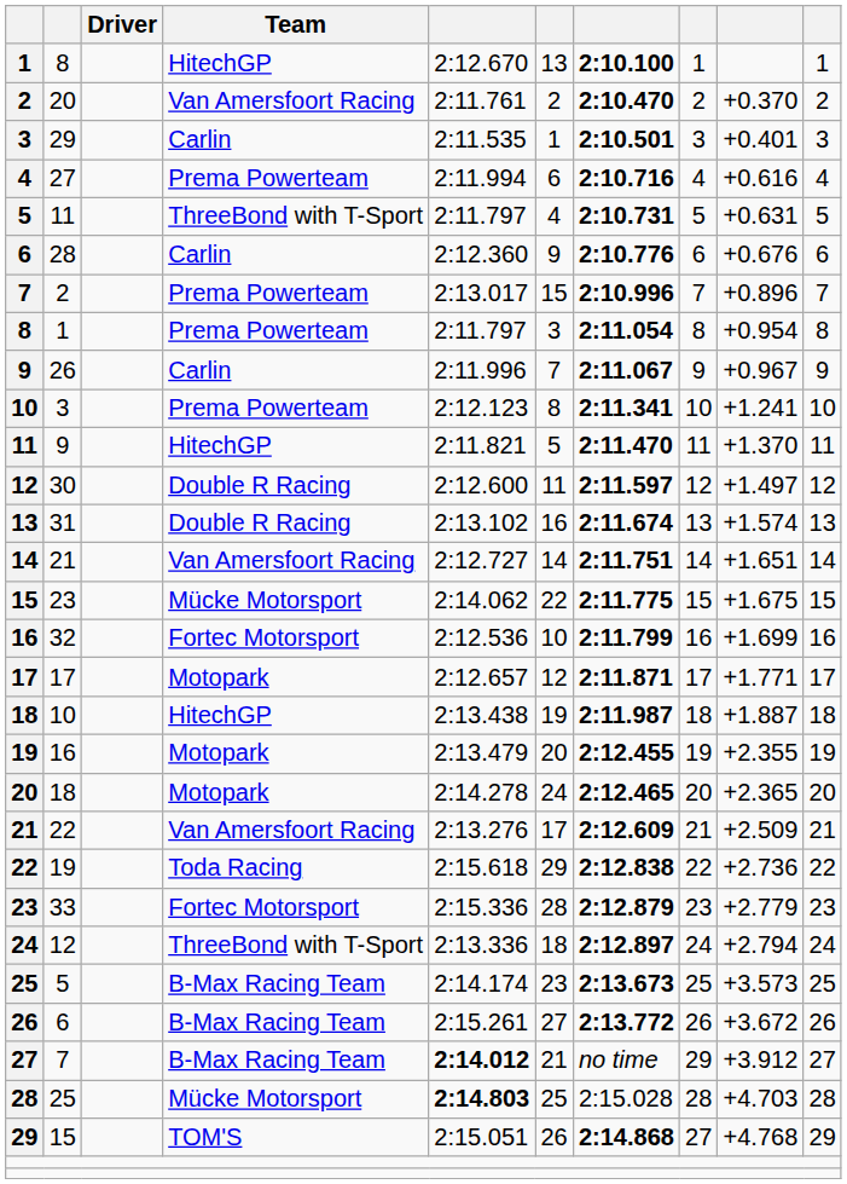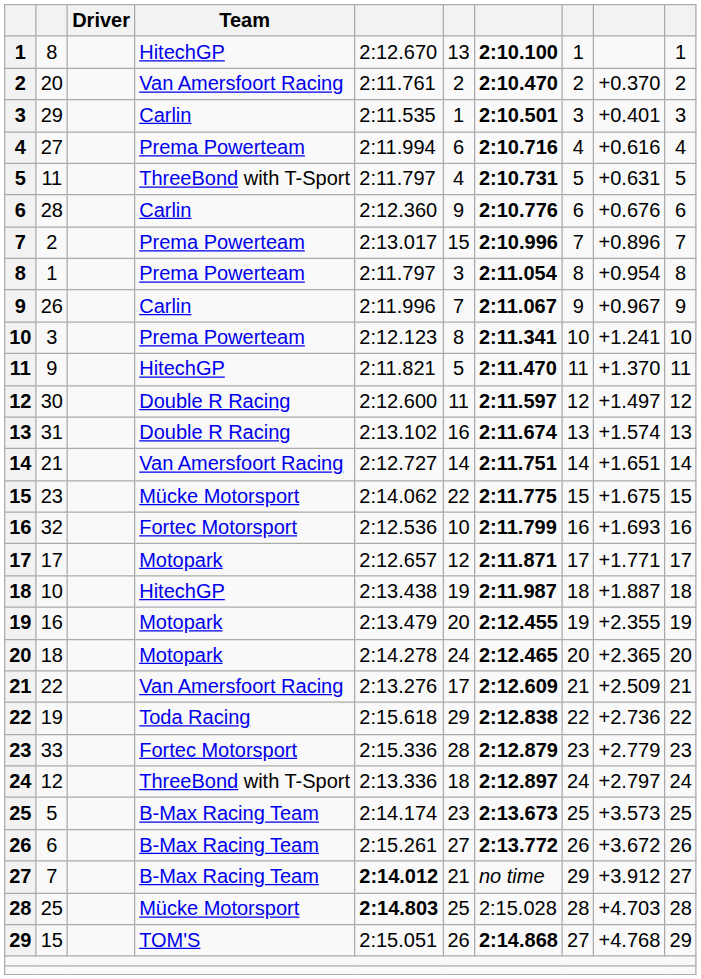 <table class="wikitable sortable">
 <tr>
 <th scope="col"></th>
 <th scope="col"></th>
 <th scope="col">Driver</th>
 <th scope="col">Team</th>
 <th scope="col"></th>
 <th scope="col"></th>
 <th scope="col"></th>
 <th scope="col"></th>
 <th scope="col"></th>
 <th scope="col"></th>
 </tr>
 <tr>
 <th scope="row">1</th>
 <td align=center>8</td>
 <td> </td>
 <td><a href='#'>HitechGP</a></td>
 <td>2:12.670</td>
 <td align=center>13</td>
 <td><strong>2:10.100</strong></td>
 <td align=center>1</td>
 <td></td>
 <td align=center>1</td>
 </tr>
 <tr>
 <th scope="row">2</th>
 <td align=center>20</td>
 <td> </td>
 <td><a href='#'>Van Amersfoort Racing</a></td>
 <td>2:11.761</td>
 <td align=center>2</td>
 <td><strong>2:10.470</strong></td>
 <td align=center>2</td>
 <td>+0.370</td>
 <td align=center>2</td>
 </tr>
 <tr>
 <th scope="row">3</th>
 <td align=center>29</td>
 <td> </td>
 <td><a href='#'>Carlin</a></td>
 <td>2:11.535</td>
 <td align=center>1</td>
 <td><strong>2:10.501</strong></td>
 <td align=center>3</td>
 <td>+0.401</td>
 <td align=center>3</td>
 </tr>
 <tr>
 <th scope="row">4</th>
 <td align=center>27</td>
 <td> </td>
 <td><a href='#'>Prema Powerteam</a></td>
 <td>2:11.994</td>
 <td align=center>6</td>
 <td><strong>2:10.716</strong></td>
 <td align=center>4</td>
 <td>+0.616</td>
 <td align=center>4</td>
 </tr>
 <tr>
 <th scope="row">5</th>
 <td align=center>11</td>
 <td> </td>
 <td><a href='#'>ThreeBond</a> with T-Sport</td>
 <td>2:11.797</td>
 <td align=center>4</td>
 <td><strong>2:10.731</strong></td>
 <td align=center>5</td>
 <td>+0.631</td>
 <td align=center>5</td>
 </tr>
 <tr>
 <th scope="row">6</th>
 <td align=center>28</td>
 <td> </td>
 <td><a href='#'>Carlin</a></td>
 <td>2:12.360</td>
 <td align=center>9</td>
 <td><strong>2:10.776</strong></td>
 <td align=center>6</td>
 <td>+0.676</td>
 <td align=center>6</td>
 </tr>
 <tr>
 <th scope="row">7</th>
 <td align=center>2</td>
 <td> </td>
 <td><a href='#'>Prema Powerteam</a></td>
 <td>2:13.017</td>
 <td align=center>15</td>
 <td><strong>2:10.996</strong></td>
 <td align=center>7</td>
 <td>+0.896</td>
 <td align=center>7</td>
 </tr>
 <tr>
 <th scope="row">8</th>
 <td align=center>1</td>
 <td> </td>
 <td><a href='#'>Prema Powerteam</a></td>
 <td>2:11.797</td>
 <td align=center>3</td>
 <td><strong>2:11.054</strong></td>
 <td align=center>8</td>
 <td>+0.954</td>
 <td align=center>8</td>
 </tr>
 <tr>
 <th scope="row">9</th>
 <td align=center>26</td>
 <td> </td>
 <td><a href='#'>Carlin</a></td>
 <td>2:11.996</td>
 <td align=center>7</td>
 <td><strong>2:11.067</strong></td>
 <td align=center>9</td>
 <td>+0.967</td>
 <td align=center>9</td>
 </tr>
 <tr>
 <th scope="row">10</th>
 <td align=center>3</td>
 <td> </td>
 <td><a href='#'>Prema Powerteam</a></td>
 <td>2:12.123</td>
 <td align=center>8</td>
 <td><strong>2:11.341</strong></td>
 <td align=center>10</td>
 <td>+1.241</td>
 <td align=center>10</td>
 </tr>
 <tr>
 <th scope="row">11</th>
 <td align=center>9</td>
 <td> </td>
 <td><a href='#'>HitechGP</a></td>
 <td>2:11.821</td>
 <td align=center>5</td>
 <td><strong>2:11.470</strong></td>
 <td align=center>11</td>
 <td>+1.370</td>
 <td align=center>11</td>
 </tr>
 <tr>
 <th scope="row">12</th>
 <td align=center>30</td>
 <td> </td>
 <td><a href='#'>Double R Racing</a></td>
 <td>2:12.600</td>
 <td align=center>11</td>
 <td><strong>2:11.597</strong></td>
 <td align=center>12</td>
 <td>+1.497</td>
 <td align=center>12</td>
 </tr>
 <tr>
 <th scope="row">13</th>
 <td align=center>31</td>
 <td> </td>
 <td><a href='#'>Double R Racing</a></td>
 <td>2:13.102</td>
 <td align=center>16</td>
 <td><strong>2:11.674</strong></td>
 <td align=center>13</td>
 <td>+1.574</td>
 <td align=center>13</td>
 </tr>
 <tr>
 <th scope="row">14</th>
 <td align=center>21</td>
 <td> </td>
 <td><a href='#'>Van Amersfoort Racing</a></td>
 <td>2:12.727</td>
 <td align=center>14</td>
 <td><strong>2:11.751</strong></td>
 <td align=center>14</td>
 <td>+1.651</td>
 <td align=center>14</td>
 </tr>
 <tr>
 <th scope="row">15</th>
 <td align=center>23</td>
 <td> </td>
 <td><a href='#'>Mücke Motorsport</a></td>
 <td>2:14.062</td>
 <td align=center>22</td>
 <td><strong>2:11.775</strong></td>
 <td align=center>15</td>
 <td>+1.675</td>
 <td align=center>15</td>
 </tr>
 <tr>
 <th scope="row">16</th>
 <td align=center>32</td>
 <td> </td>
 <td><a href='#'>Fortec Motorsport</a></td>
 <td>2:12.536</td>
 <td align=center>10</td>
 <td><strong>2:11.799</strong></td>
 <td align=center>16</td>
-<td>+1.699</td>
+<td>+1.693</td>
 <td align=center>16</td>
 </tr>
 <tr>
 <th scope="row">17</th>
 <td align=center>17</td>
 <td> </td>
 <td><a href='#'>Motopark</a></td>
 <td>2:12.657</td>
 <td align=center>12</td>
 <td><strong>2:11.871</strong></td>
 <td align=center>17</td>
 <td>+1.771</td>
 <td align=center>17</td>
 </tr>
 <tr>
 <th scope="row">18</th>
 <td align=center>10</td>
 <td> </td>
 <td><a href='#'>HitechGP</a></td>
 <td>2:13.438</td>
 <td align=center>19</td>
 <td><strong>2:11.987</strong></td>
 <td align=center>18</td>
 <td>+1.887</td>
 <td align=center>18</td>
 </tr>
 <tr>
 <th scope="row">19</th>
 <td align=center>16</td>
 <td> </td>
 <td><a href='#'>Motopark</a></td>
 <td>2:13.479</td>
 <td align=center>20</td>
 <td><strong>2:12.455</strong></td>
 <td align=center>19</td>
 <td>+2.355</td>
 <td align=center>19</td>
 </tr>
 <tr>
 <th scope="row">20</th>
 <td align=center>18</td>
 <td> </td>
 <td><a href='#'>Motopark</a></td>
 <td>2:14.278</td>
 <td align=center>24</td>
 <td><strong>2:12.465</strong></td>
 <td align=center>20</td>
 <td>+2.365</td>
 <td align=center>20</td>
 </tr>
 <tr>
 <th scope="row">21</th>
 <td align=center>22</td>
 <td> </td>
 <td><a href='#'>Van Amersfoort Racing</a></td>
 <td>2:13.276</td>
 <td align=center>17</td>
 <td><strong>2:12.609</strong></td>
 <td align=center>21</td>
 <td>+2.509</td>
 <td align=center>21</td>
 </tr>
 <tr>
 <th scope="row">22</th>
 <td align=center>19</td>
 <td> </td>
 <td><a href='#'>Toda Racing</a></td>
 <td>2:15.618</td>
 <td align=center>29</td>
 <td><strong>2:12.838</strong></td>
 <td align=center>22</td>
 <td>+2.736</td>
 <td align=center>22</td>
 </tr>
 <tr>
 <th scope="row">23</th>
 <td align=center>33</td>
 <td> </td>
 <td><a href='#'>Fortec Motorsport</a></td>
 <td>2:15.336</td>
 <td align=center>28</td>
 <td><strong>2:12.879</strong></td>
 <td align=center>23</td>
 <td>+2.779</td>
 <td align=center>23</td>
 </tr>
 <tr>
 <th scope="row">24</th>
 <td align=center>12</td>
 <td> </td>
 <td><a href='#'>ThreeBond</a> with T-Sport</td>
 <td>2:13.336</td>
 <td align=center>18</td>
 <td><strong>2:12.897</strong></td>
 <td align=center>24</td>
-<td>+2.794</td>
+<td>+2.797</td>
 <td align=center>24</td>
 </tr>
 <tr>
 <th scope="row">25</th>
 <td align=center>5</td>
 <td> </td>
 <td><a href='#'>B-Max Racing Team</a></td>
 <td>2:14.174</td>
 <td align=center>23</td>
 <td><strong>2:13.673</strong></td>
 <td align=center>25</td>
 <td>+3.573</td>
 <td align=center>25</td>
 </tr>
 <tr>
 <th scope="row">26</th>
 <td align=center>6</td>
 <td> </td>
 <td><a href='#'>B-Max Racing Team</a></td>
 <td>2:15.261</td>
 <td align=center>27</td>
 <td><strong>2:13.772</strong></td>
 <td align=center>26</td>
 <td>+3.672</td>
 <td align=center>26</td>
 </tr>
 <tr>
 <th scope="row">27</th>
 <td align=center>7</td>
 <td> </td>
 <td><a href='#'>B-Max Racing Team</a></td>
 <td><strong>2:14.012</strong></td>
 <td align=center>21</td>
 <td><em>no time</em></td>
 <td align=center>29</td>
 <td>+3.912</td>
 <td align=center>27</td>
 </tr>
 <tr>
 <th scope="row">28</th>
 <td align=center>25</td>
 <td> </td>
 <td><a href='#'>Mücke Motorsport</a></td>
 <td><strong>2:14.803</strong></td>
 <td align=center>25</td>
 <td>2:15.028</td>
 <td align=center>28</td>
 <td>+4.703</td>
 <td align=center>28</td>
 </tr>
 <tr>
 <th scope="row">29</th>
 <td align=center>15</td>
 <td> </td>
 <td><a href='#'>TOM'S</a></td>
 <td>2:15.051</td>
 <td align=center>26</td>
 <td><strong>2:14.868</strong></td>
 <td align=center>27</td>
 <td>+4.768</td>
 <td align=center>29</td>
 </tr>
 <tr class="sortbottom">
 <td colspan=10></td>
 </tr>
 <tr class="sortbottom">
 <td colspan=10></td>
 </tr>
 </table>
